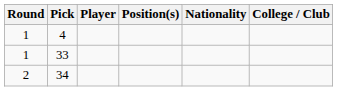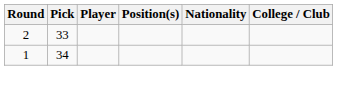 <table class="wikitable sortable sortable">
 <tr>
 <th>Round</th>
 <th>Pick</th>
 <th>Player</th>
 <th>Position(s)</th>
 <th>Nationality</th>
 <th>College / Club</th>
 </tr>
 <tr style="text-align:center">
-<td>1</td>
-<td>4</td>
+<td>2</td>
+<td>33</td>
 <td></td>
 <td></td>
 <td></td>
 <td></td>
 </tr>
 <tr style="text-align:center">
 <td>1</td>
-<td>33</td>
-<td></td>
-<td></td>
-<td></td>
-<td></td>
-</tr>
-<tr style="text-align:center">
-<td>2</td>
 <td>34</td>
 <td></td>
 <td></td>
 <td></td>
 <td></td>
 </tr>
 </table>
